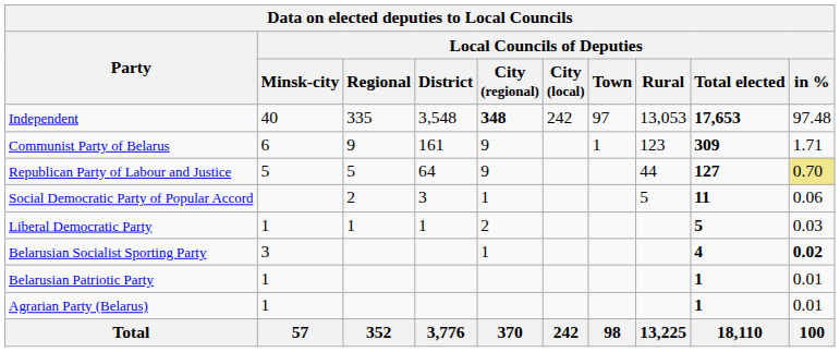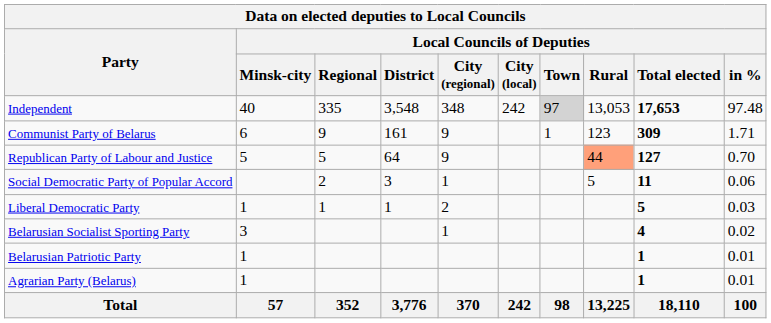 <table class="wikitable sortable">
 <tr>
 <th colspan="10">Data on elected deputies to Local Councils</th>
 </tr>
 <tr>
 <th rowspan="2">Party</th>
 <th colspan="9">Local Councils of Deputies</th>
 </tr>
 <tr>
 <th>Minsk-city</th>
 <th>Regional</th>
 <th>District</th>
 <th>City<br><small>(regional)</small></th>
 <th>City<br><small>(local)</small></th>
 <th>Town</th>
 <th>Rural</th>
 <th>Total elected</th>
 <th>in %</th>
 </tr>
 <tr>
 <td><a href='#'><small>Independent</small></a></td>
 <td>40</td>
 <td>335</td>
 <td>3,548</td>
-<td><strong>348</strong></td>
+<td>348</td>
 <td>242</td>
-<td>97</td>
+<td style="background: lightgrey;">97</td>
 <td>13,053</td>
 <td><strong>17,653</strong></td>
 <td>97.48</td>
 </tr>
 <tr>
 <td><a href='#'><small>Communist Party of Belarus</small></a></td>
 <td>6</td>
 <td>9</td>
 <td>161</td>
 <td>9</td>
 <td></td>
 <td>1</td>
 <td>123</td>
 <td><strong>309</strong></td>
 <td>1.71</td>
 </tr>
 <tr>
 <td><a href='#'><small>Republican Party of Labour and Justice</small></a></td>
 <td>5</td>
 <td>5</td>
 <td>64</td>
 <td>9</td>
 <td></td>
 <td></td>
-<td>44</td>
+<td style="background: lightsalmon;">44</td>
 <td><strong>127</strong></td>
-<td style="background: khaki;">0.70</td>
+<td>0.70</td>
 </tr>
 <tr>
 <td><a href='#'><small>Social Democratic Party of Popular Accord</small></a></td>
 <td></td>
 <td>2</td>
 <td>3</td>
 <td>1</td>
 <td></td>
 <td></td>
 <td>5</td>
 <td><strong>11</strong></td>
 <td>0.06</td>
 </tr>
 <tr>
 <td><a href='#'><small>Liberal Democratic Party</small></a></td>
 <td>1</td>
 <td>1</td>
 <td>1</td>
 <td>2</td>
 <td></td>
 <td></td>
 <td></td>
 <td><strong>5</strong></td>
 <td>0.03</td>
 </tr>
 <tr>
 <td><a href='#'><small>Belarusian Socialist Sporting Party</small></a></td>
 <td>3</td>
 <td></td>
 <td></td>
 <td>1</td>
 <td></td>
 <td></td>
 <td></td>
 <td><strong>4</strong></td>
-<td><strong>0.02</strong></td>
+<td>0.02</td>
 </tr>
 <tr>
 <td><a href='#'><small>Belarusian Patriotic Party</small></a></td>
 <td>1</td>
 <td></td>
 <td></td>
 <td></td>
 <td></td>
 <td></td>
 <td></td>
 <td><strong>1</strong></td>
 <td>0.01</td>
 </tr>
 <tr>
 <td><a href='#'><small>Agrarian Party (Belarus)</small></a></td>
 <td>1</td>
 <td></td>
 <td></td>
 <td></td>
 <td></td>
 <td></td>
 <td></td>
 <td><strong>1</strong></td>
 <td>0.01</td>
 </tr>
 <tr>
 <th><strong>Total</strong></th>
 <th><strong>57</strong></th>
 <th><strong>352</strong></th>
 <th><strong>3,776</strong></th>
 <th><strong>370</strong></th>
 <th><strong>242</strong></th>
 <th><strong>98</strong></th>
 <th><strong>13,225</strong></th>
 <th><strong>18,110</strong></th>
 <th>100</th>
 </tr>
 </table>
